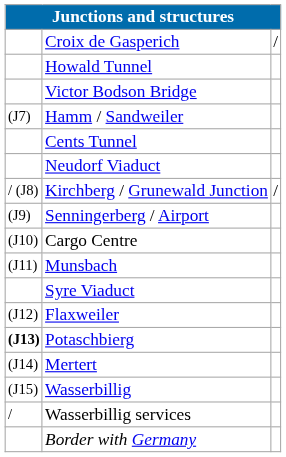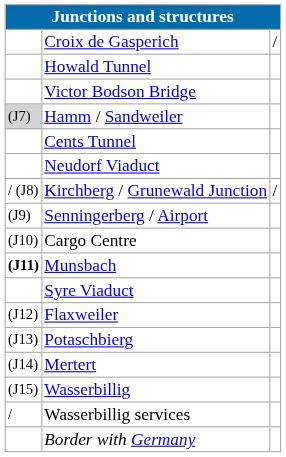 <table border="1" cellpadding="2" cellspacing="0" align="left" style="margin-left:0.5em; border:1px solid #aaa; border-collapse:collapse;">
 <tr>
 <td colspan=3 style="color:#ffffff;background-color:#006CAC; text-align: center;"><strong>Junctions and structures</strong></td>
 </tr>
 <tr>
 <td cellpadding="0" cellspacing="0"  style="font-size:85%; margin:12px"></td>
 <td><a href='#'>Croix de Gasperich</a></td>
 <td> / </td>
 </tr>
 <tr>
 <td style="font-size:85%;"></td>
 <td><a href='#'>Howald Tunnel</a></td>
 <td></td>
 </tr>
 <tr>
 <td style="font-size:85%;"></td>
 <td><a href='#'>Victor Bodson Bridge</a></td>
 <td></td>
 </tr>
 <tr>
-<td style="font-size:85%;"> (J7)</td>
+<td style="background: lightgrey; font-size:85%;"> (J7)</td>
 <td><a href='#'>Hamm</a> / <a href='#'>Sandweiler</a></td>
 <td></td>
 </tr>
 <tr>
 <td style="font-size:85%;"></td>
 <td><a href='#'>Cents Tunnel</a></td>
 <td></td>
 </tr>
 <tr>
 <td style="font-size:85%;"></td>
 <td><a href='#'>Neudorf Viaduct</a></td>
 <td></td>
 </tr>
 <tr>
 <td style="font-size:85%;">/ (J8)</td>
 <td><a href='#'>Kirchberg</a> / <a href='#'>Grunewald Junction</a></td>
 <td> / </td>
 </tr>
 <tr>
 <td style="font-size:85%;"> (J9)</td>
 <td><a href='#'>Senningerberg</a> / <a href='#'>Airport</a></td>
 <td></td>
 </tr>
 <tr>
 <td style="font-size:85%;"> (J10)</td>
 <td>Cargo Centre</td>
 <td></td>
 </tr>
 <tr>
-<td style="font-size:85%;"> (J11)</td>
+<td style="font-size:85%;"><strong> (J11)</strong></td>
 <td><a href='#'>Munsbach</a></td>
 <td></td>
 </tr>
 <tr>
 <td style="font-size:85%;"></td>
 <td><a href='#'>Syre Viaduct</a></td>
 <td></td>
 </tr>
 <tr>
 <td style="font-size:85%;"> (J12)</td>
 <td><a href='#'>Flaxweiler</a></td>
 <td></td>
 </tr>
 <tr>
-<td style="font-size:85%;"><strong> (J13)</strong></td>
+<td style="font-size:85%;"> (J13)</td>
 <td><a href='#'>Potaschbierg</a></td>
 <td></td>
 </tr>
 <tr>
 <td style="font-size:85%;"> (J14)</td>
 <td><a href='#'>Mertert</a></td>
 <td></td>
 </tr>
 <tr>
 <td style="font-size:85%;"> (J15)</td>
 <td><a href='#'>Wasserbillig</a></td>
 <td></td>
 </tr>
 <tr>
 <td style="font-size:85%;"> / </td>
 <td>Wasserbillig services</td>
 <td></td>
 </tr>
 <tr>
 <td style="font-size:85%;"></td>
 <td><em>Border with <a href='#'>Germany</a></em></td>
 <td></td>
 </tr>
 </table>
